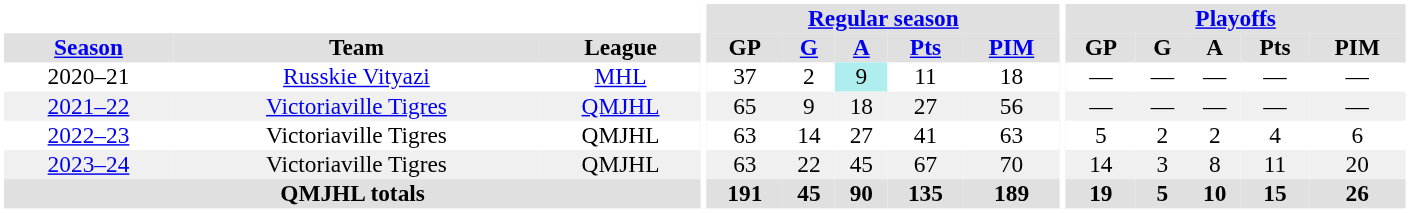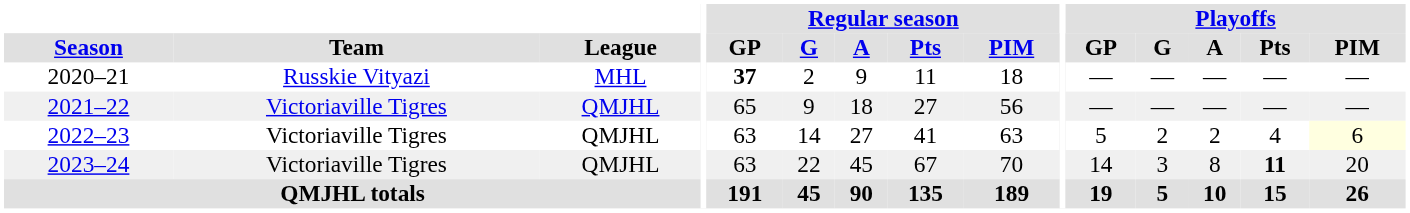 <table border="0" cellpadding="1" cellspacing="0" style="text-align:center; width:60em">
 <tr bgcolor="#e0e0e0">
 <th colspan="3" bgcolor="#ffffff"></th>
 <th rowspan="98" bgcolor="#ffffff"></th>
 <th colspan="5"><a href='#'>Regular season</a></th>
 <th rowspan="98" bgcolor="#ffffff"></th>
 <th colspan="5"><a href='#'>Playoffs</a></th>
 </tr>
 <tr bgcolor="#e0e0e0">
 <th><a href='#'>Season</a></th>
 <th>Team</th>
 <th>League</th>
 <th>GP</th>
 <th><a href='#'>G</a></th>
 <th><a href='#'>A</a></th>
 <th><a href='#'>Pts</a></th>
 <th><a href='#'>PIM</a></th>
 <th>GP</th>
 <th>G</th>
 <th>A</th>
 <th>Pts</th>
 <th>PIM</th>
 </tr>
 <tr>
 <td>2020–21</td>
 <td><a href='#'>Russkie Vityazi</a></td>
 <td><a href='#'>MHL</a></td>
-<td>37</td>
+<td><strong>37</strong></td>
 <td>2</td>
-<td style="background: paleturquoise;">9</td>
+<td>9</td>
 <td>11</td>
 <td>18</td>
 <td>—</td>
 <td>—</td>
 <td>—</td>
 <td>—</td>
 <td>—</td>
 </tr>
 <tr bgcolor="#f0f0f0">
 <td><a href='#'>2021–22</a></td>
 <td><a href='#'>Victoriaville Tigres</a></td>
 <td><a href='#'>QMJHL</a></td>
 <td>65</td>
 <td>9</td>
 <td>18</td>
 <td>27</td>
 <td>56</td>
 <td>—</td>
 <td>—</td>
 <td>—</td>
 <td>—</td>
 <td>—</td>
 </tr>
 <tr>
 <td><a href='#'>2022–23</a></td>
 <td>Victoriaville Tigres</td>
 <td>QMJHL</td>
 <td>63</td>
 <td>14</td>
 <td>27</td>
 <td>41</td>
 <td>63</td>
 <td>5</td>
 <td>2</td>
 <td>2</td>
 <td>4</td>
-<td>6</td>
+<td style="background: lightyellow;">6</td>
 </tr>
 <tr bgcolor="#f0f0f0">
 <td><a href='#'>2023–24</a></td>
 <td>Victoriaville Tigres</td>
 <td>QMJHL</td>
 <td>63</td>
 <td>22</td>
 <td>45</td>
 <td>67</td>
 <td>70</td>
 <td>14</td>
 <td>3</td>
 <td>8</td>
-<td>11</td>
+<td><strong>11</strong></td>
 <td>20</td>
 </tr>
 <tr bgcolor="#e0e0e0">
 <th colspan="3">QMJHL totals</th>
 <th>191</th>
 <th>45</th>
 <th>90</th>
 <th>135</th>
 <th>189</th>
 <th>19</th>
 <th>5</th>
 <th>10</th>
 <th>15</th>
 <th>26</th>
 </tr>
 </table>
